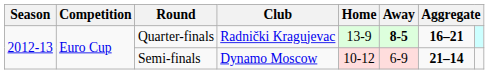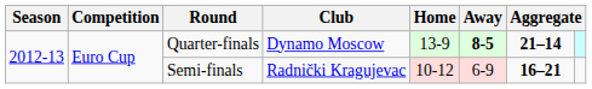 <table class="wikitable collapsible collapsed" align="center" style="text-align:left;">
 <tr>
 <th>Season</th>
 <th>Competition</th>
 <th>Round</th>
 <th>Club</th>
 <th>Home</th>
 <th>Away</th>
 <th colspan=2>Aggregate</th>
 </tr>
 <tr>
 <td rowspan=2><a href='#'>2012-13</a></td>
 <td rowspan=2><a href='#'>Euro Cup</a></td>
 <td>Quarter-finals</td>
-<td> <a href='#'>Radnički Kragujevac</a></td>
+<td> <a href='#'>Dynamo Moscow</a></td>
 <td style="text-align:center; background:#dfd;">13-9</td>
 <td style="text-align:center; background:#dfd;"><strong>8-5</strong></td>
-<td style="text-align:center;"><strong>16–21</strong></td>
+<td style="text-align:center;"><strong>21–14</strong></td>
 <td style="background-color:#CFF" align="center"></td>
 </tr>
 <tr>
 <td>Semi-finals</td>
-<td> <a href='#'>Dynamo Moscow</a></td>
+<td> <a href='#'>Radnički Kragujevac</a></td>
 <td style="text-align:center; background:#fdd;">10-12</td>
 <td style="text-align:center; background:#fdd;">6-9</td>
-<td style="text-align:center;"><strong>21–14</strong></td>
+<td style="text-align:center;"><strong>16–21</strong></td>
 <td align="center"></td>
 </tr>
 </table>
